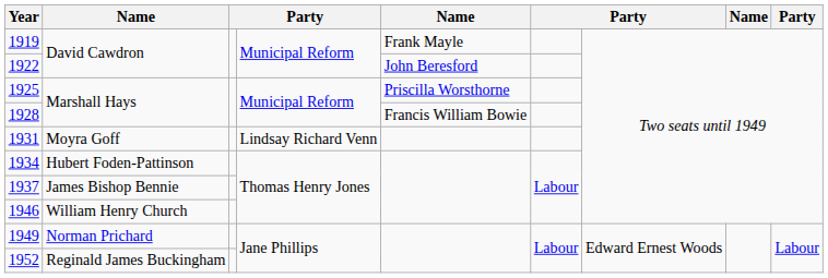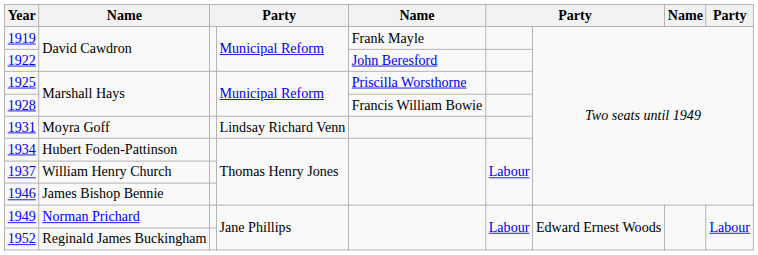 <table class="wikitable">
 <tr>
 <th>Year</th>
 <th>Name</th>
 <th colspan=2>Party</th>
 <th>Name</th>
 <th colspan=2>Party</th>
 <th>Name</th>
 <th colspan=2>Party</th>
 </tr>
 <tr>
 <td><a href='#'>1919</a></td>
 <td rowspan=2>David Cawdron</td>
 <td rowspan=2 style="background-color: "></td>
 <td rowspan=2><a href='#'>Municipal Reform</a></td>
 <td>Frank Mayle</td>
 <td></td>
 <td rowspan=8 colspan=3 align="center"><em>Two seats until 1949</em></td>
 </tr>
 <tr>
 <td><a href='#'>1922</a></td>
 <td><a href='#'>John Beresford</a></td>
 <td></td>
 </tr>
 <tr>
 <td><a href='#'>1925</a></td>
 <td rowspan=2>Marshall Hays</td>
 <td rowspan=2 style="background-color: "></td>
 <td rowspan=2><a href='#'>Municipal Reform</a></td>
 <td><a href='#'>Priscilla Worsthorne</a></td>
 <td></td>
 </tr>
 <tr>
 <td><a href='#'>1928</a></td>
 <td>Francis William Bowie</td>
 <td></td>
 </tr>
 <tr>
 <td><a href='#'>1931</a></td>
 <td>Moyra Goff</td>
 <td></td>
 <td>Lindsay Richard Venn</td>
 <td></td>
 </tr>
 <tr>
 <td><a href='#'>1934</a></td>
 <td>Hubert Foden-Pattinson</td>
 <td></td>
 <td rowspan=3>Thomas Henry Jones</td>
 <td rowspan=3 style="background-color: "></td>
 <td rowspan=3><a href='#'>Labour</a></td>
 </tr>
 <tr>
 <td><a href='#'>1937</a></td>
-<td>James Bishop Bennie</td>
+<td>William Henry Church</td>
 <td></td>
 </tr>
 <tr>
 <td><a href='#'>1946</a></td>
-<td>William Henry Church</td>
+<td>James Bishop Bennie</td>
 <td></td>
 </tr>
 <tr>
 <td><a href='#'>1949</a></td>
 <td><a href='#'>Norman Prichard</a></td>
 <td></td>
 <td rowspan=2>Jane Phillips</td>
 <td rowspan=2 style="background-color: "></td>
 <td rowspan=2><a href='#'>Labour</a></td>
 <td rowspan=2>Edward Ernest Woods</td>
 <td rowspan=2 style="background-color: "></td>
 <td rowspan=2><a href='#'>Labour</a></td>
 </tr>
 <tr>
 <td><a href='#'>1952</a></td>
 <td>Reginald James Buckingham</td>
 <td></td>
 </tr>
 </table>
